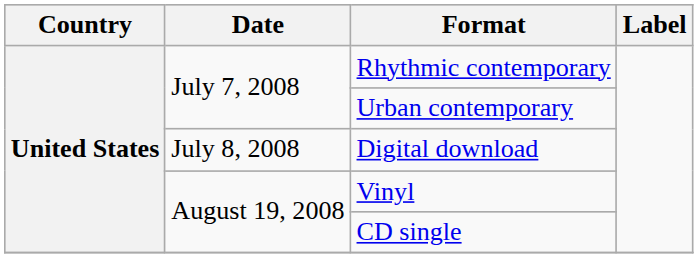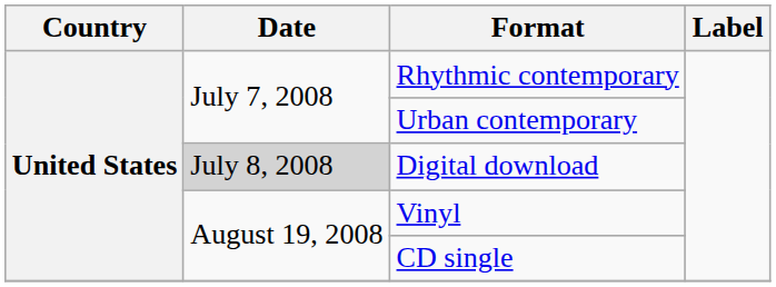 <table class="wikitable plainrowheaders">
 <tr>
 <th>Country</th>
 <th>Date</th>
 <th>Format</th>
 <th>Label</th>
 </tr>
 <tr>
 <th scope="row" rowspan="5">United States</th>
 <td rowspan="2">July 7, 2008</td>
 <td><a href='#'>Rhythmic contemporary</a></td>
 <td rowspan="5"></td>
 </tr>
 <tr>
 <td><a href='#'>Urban contemporary</a></td>
 </tr>
 <tr>
-<td>July 8, 2008</td>
+<td style="background: lightgrey;">July 8, 2008</td>
 <td><a href='#'>Digital download</a></td>
 </tr>
 <tr>
 <td rowspan="2">August 19, 2008</td>
 <td><a href='#'>Vinyl</a></td>
 </tr>
 <tr>
 <td><a href='#'>CD single</a></td>
 </tr>
 <tr>
 </tr>
 </table>
